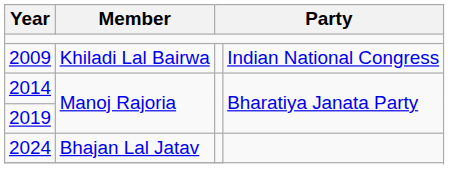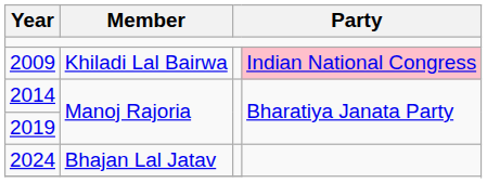 <table class="wikitable">
 <tr>
 <th>Year</th>
 <th>Member</th>
 <th colspan="2">Party</th>
 </tr>
 <tr>
 <td colspan="4"></td>
 </tr>
 <tr>
 <td><a href='#'>2009</a></td>
 <td><a href='#'>Khiladi Lal Bairwa</a></td>
 <td style="background-color: "></td>
-<td><a href='#'>Indian National Congress</a></td>
+<td style="background: pink;"><a href='#'>Indian National Congress</a></td>
 </tr>
 <tr>
 <td><a href='#'>2014</a></td>
 <td rowspan="2"><a href='#'>Manoj Rajoria</a></td>
 <td rowspan="2" style="background-color: "></td>
 <td rowspan="2"><a href='#'>Bharatiya Janata Party</a></td>
 </tr>
 <tr>
 <td><a href='#'>2019</a></td>
 </tr>
 <tr>
 <td><a href='#'>2024</a></td>
 <td><a href='#'>Bhajan Lal Jatav</a></td>
 <td></td>
 </tr>
 <tr>
 </tr>
 </table>
